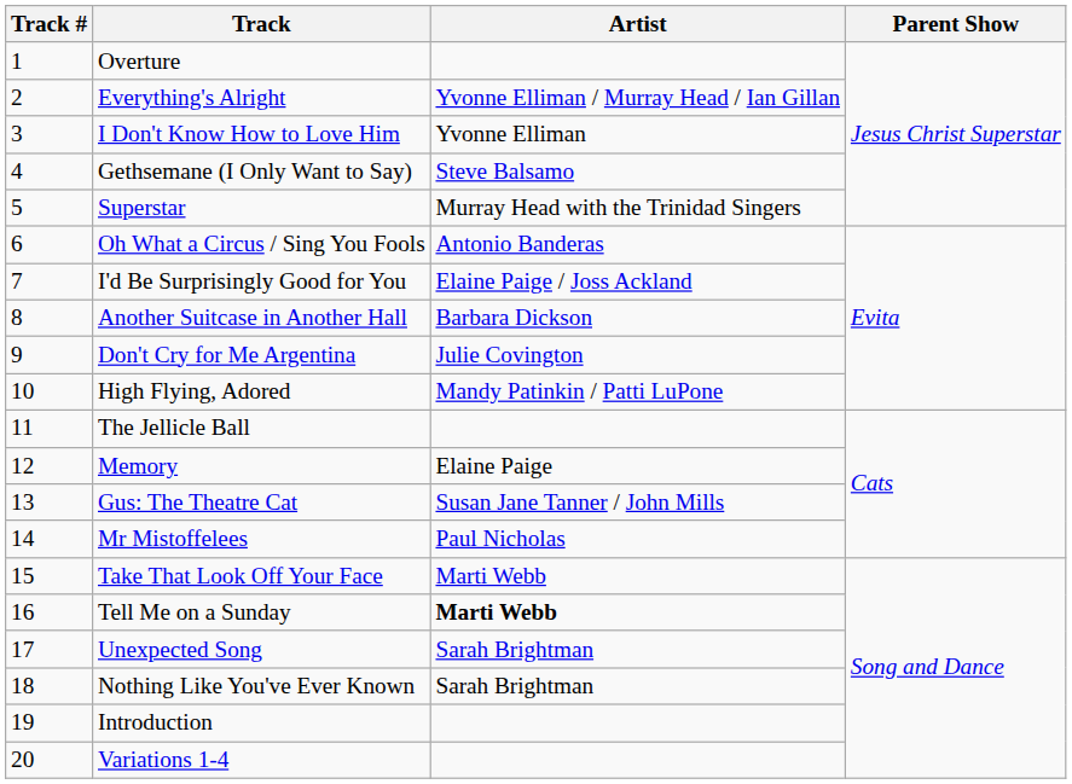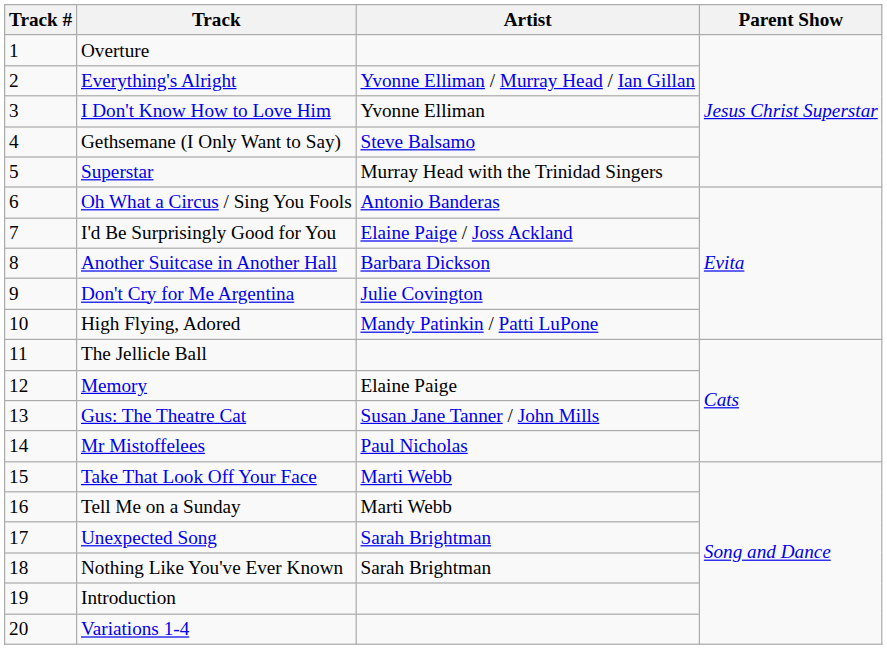 <table class="wikitable">
 <tr>
 <th>Track #</th>
 <th>Track</th>
 <th>Artist</th>
 <th>Parent Show</th>
 </tr>
 <tr>
 <td>1</td>
 <td>Overture</td>
 <td></td>
 <td rowspan="5"><em><a href='#'>Jesus Christ Superstar</a></em></td>
 </tr>
 <tr>
 <td>2</td>
 <td><a href='#'>Everything's Alright</a></td>
 <td><a href='#'>Yvonne Elliman</a> / <a href='#'>Murray Head</a> / <a href='#'>Ian Gillan</a></td>
 </tr>
 <tr>
 <td>3</td>
 <td><a href='#'>I Don't Know How to Love Him</a></td>
 <td>Yvonne Elliman</td>
 </tr>
 <tr>
 <td>4</td>
 <td>Gethsemane (I Only Want to Say)</td>
 <td><a href='#'>Steve Balsamo</a></td>
 </tr>
 <tr>
 <td>5</td>
 <td><a href='#'>Superstar</a></td>
 <td>Murray Head with the Trinidad Singers</td>
 </tr>
 <tr>
 <td>6</td>
 <td><a href='#'>Oh What a Circus</a> / Sing You Fools</td>
 <td><a href='#'>Antonio Banderas</a></td>
 <td rowspan="5"><em><a href='#'>Evita</a></em></td>
 </tr>
 <tr>
 <td>7</td>
 <td>I'd Be Surprisingly Good for You</td>
 <td><a href='#'>Elaine Paige</a> / <a href='#'>Joss Ackland</a></td>
 </tr>
 <tr>
 <td>8</td>
 <td><a href='#'>Another Suitcase in Another Hall</a></td>
 <td><a href='#'>Barbara Dickson</a></td>
 </tr>
 <tr>
 <td>9</td>
 <td><a href='#'>Don't Cry for Me Argentina</a></td>
 <td><a href='#'>Julie Covington</a></td>
 </tr>
 <tr>
 <td>10</td>
 <td>High Flying, Adored</td>
 <td><a href='#'>Mandy Patinkin</a> / <a href='#'>Patti LuPone</a></td>
 </tr>
 <tr>
 <td>11</td>
 <td>The Jellicle Ball</td>
 <td></td>
 <td rowspan="4"><em><a href='#'>Cats</a></em></td>
 </tr>
 <tr>
 <td>12</td>
 <td><a href='#'>Memory</a></td>
 <td>Elaine Paige</td>
 </tr>
 <tr>
 <td>13</td>
 <td><a href='#'>Gus: The Theatre Cat</a></td>
 <td><a href='#'>Susan Jane Tanner</a> / <a href='#'>John Mills</a></td>
 </tr>
 <tr>
 <td>14</td>
 <td><a href='#'>Mr Mistoffelees</a></td>
 <td><a href='#'>Paul Nicholas</a></td>
 </tr>
 <tr>
 <td>15</td>
 <td><a href='#'>Take That Look Off Your Face</a></td>
 <td><a href='#'>Marti Webb</a></td>
 <td rowspan="6"><em><a href='#'>Song and Dance</a></em></td>
 </tr>
 <tr>
 <td>16</td>
 <td>Tell Me on a Sunday</td>
-<td><strong>Marti Webb</strong></td>
+<td>Marti Webb</td>
 </tr>
 <tr>
 <td>17</td>
 <td><a href='#'>Unexpected Song</a></td>
 <td><a href='#'>Sarah Brightman</a></td>
 </tr>
 <tr>
 <td>18</td>
 <td>Nothing Like You've Ever Known</td>
 <td>Sarah Brightman</td>
 </tr>
 <tr>
 <td>19</td>
 <td>Introduction</td>
 <td></td>
 </tr>
 <tr>
 <td>20</td>
 <td><a href='#'>Variations 1-4</a></td>
 <td></td>
 </tr>
 </table>
